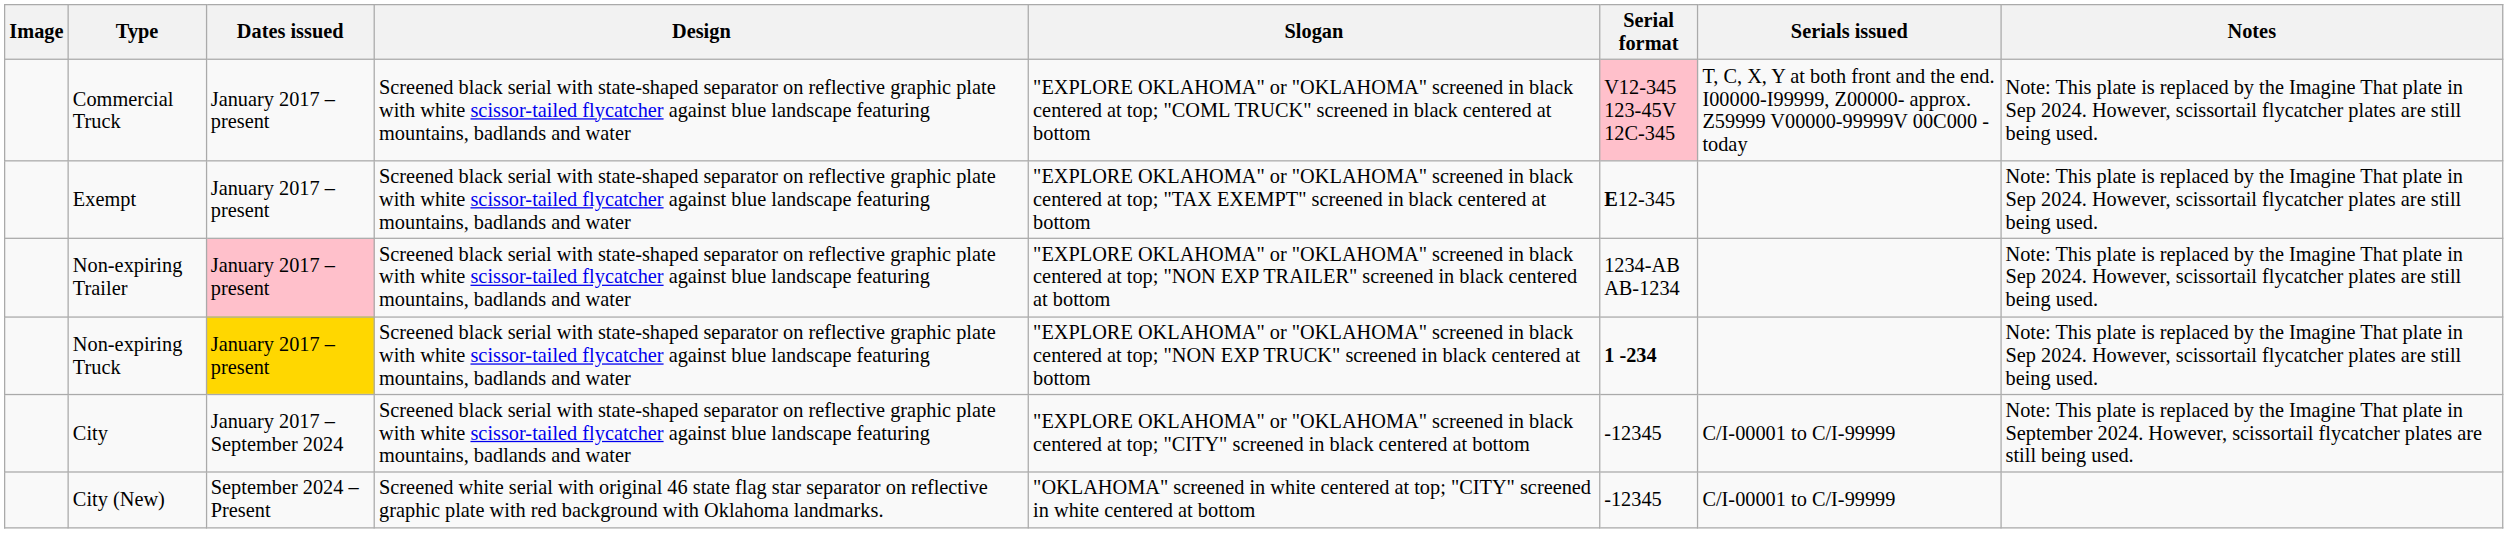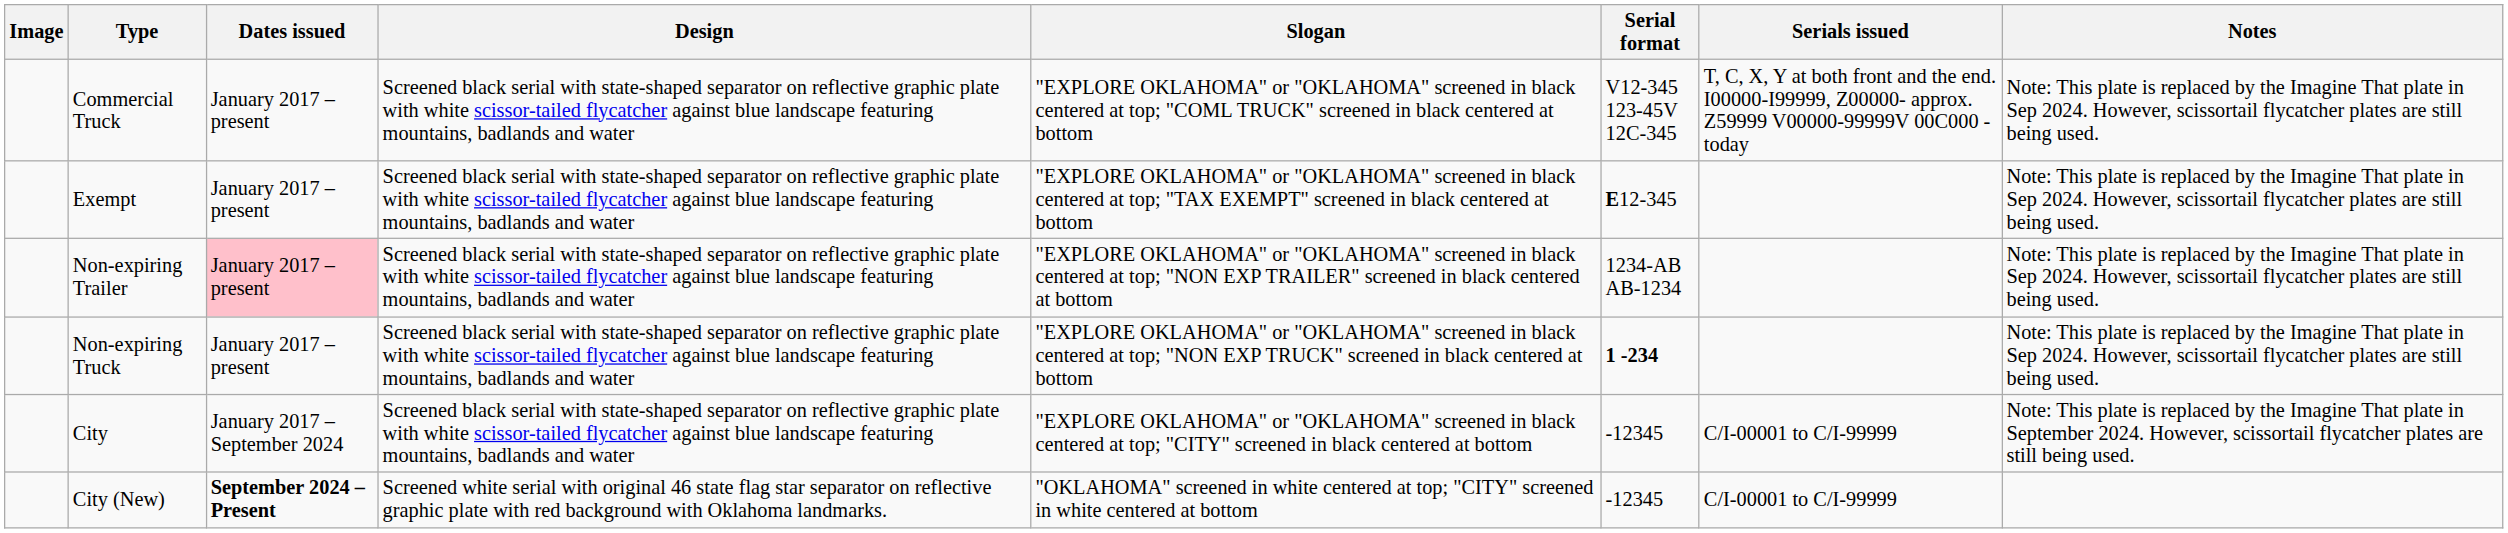 <table class="wikitable">
 <tr>
 <th>Image</th>
 <th>Type</th>
 <th>Dates issued</th>
 <th>Design</th>
 <th>Slogan</th>
 <th style="width:70px">Serial format</th>
 <th>Serials issued</th>
 <th>Notes</th>
 </tr>
 <tr>
 <td></td>
 <td>Commercial Truck</td>
 <td>January 2017 – present</td>
 <td>Screened black serial with state-shaped separator on reflective graphic plate with white <a href='#'>scissor-tailed flycatcher</a> against blue landscape featuring mountains, badlands and water</td>
 <td>"EXPLORE OKLAHOMA" or "OKLAHOMA" screened in black centered at top; "COML TRUCK" screened in black centered at bottom</td>
-<td style="background: pink;">V12-345<br>123-45V<br>12C-345</td>
+<td>V12-345<br>123-45V<br>12C-345</td>
 <td>T, C, X, Y at both front and the end.<br>I00000-I99999, Z00000- approx. Z59999 V00000-99999V 00C000 - today</td>
 <td>Note: This plate is replaced by the Imagine That plate in Sep 2024. However, scissortail flycatcher plates are still being used.</td>
 </tr>
 <tr>
 <td></td>
 <td>Exempt</td>
 <td>January 2017 – present</td>
 <td>Screened black serial with state-shaped separator on reflective graphic plate with white <a href='#'>scissor-tailed flycatcher</a> against blue landscape featuring mountains, badlands and water</td>
 <td>"EXPLORE OKLAHOMA" or "OKLAHOMA" screened in black centered at top; "TAX EXEMPT" screened in black centered at bottom</td>
 <td><strong>E</strong>12-345</td>
 <td></td>
 <td>Note: This plate is replaced by the Imagine That plate in Sep 2024. However, scissortail flycatcher plates are still being used.</td>
 </tr>
 <tr>
 <td></td>
 <td>Non-expiring Trailer</td>
 <td style="background: pink;">January 2017 – present</td>
 <td>Screened black serial with state-shaped separator on reflective graphic plate with white <a href='#'>scissor-tailed flycatcher</a> against blue landscape featuring mountains, badlands and water</td>
 <td>"EXPLORE OKLAHOMA" or "OKLAHOMA" screened in black centered at top; "NON EXP TRAILER" screened in black centered at bottom</td>
 <td>1234-AB<br>AB-1234</td>
 <td></td>
 <td>Note: This plate is replaced by the Imagine That plate in Sep 2024. However, scissortail flycatcher plates are still being used.</td>
 </tr>
 <tr>
 <td></td>
 <td>Non-expiring Truck</td>
-<td style="background: gold;">January 2017 – present</td>
+<td>January 2017 – present</td>
 <td>Screened black serial with state-shaped separator on reflective graphic plate with white <a href='#'>scissor-tailed flycatcher</a> against blue landscape featuring mountains, badlands and water</td>
 <td>"EXPLORE OKLAHOMA" or "OKLAHOMA" screened in black centered at top; "NON EXP TRUCK" screened in black centered at bottom</td>
 <td><strong>1 -234</strong></td>
 <td></td>
 <td>Note: This plate is replaced by the Imagine That plate in Sep 2024. However, scissortail flycatcher plates are still being used.</td>
 </tr>
 <tr>
 <td></td>
 <td>City</td>
 <td>January 2017 – September 2024</td>
 <td>Screened black serial with state-shaped separator on reflective graphic plate with white <a href='#'>scissor-tailed flycatcher</a> against blue landscape featuring mountains, badlands and water</td>
 <td>"EXPLORE OKLAHOMA" or "OKLAHOMA" screened in black centered at top; "CITY" screened in black centered at bottom</td>
 <td>-12345</td>
 <td>C/I-00001 to C/I-99999</td>
 <td>Note: This plate is replaced by the Imagine That plate in September 2024. However, scissortail flycatcher plates are still being used.</td>
 </tr>
 <tr>
 <td></td>
 <td>City (New)</td>
-<td>September 2024 – Present</td>
+<td><strong>September 2024 – Present</strong></td>
 <td>Screened white serial with original 46 state flag star separator on reflective graphic plate with red background with Oklahoma landmarks.</td>
 <td>"OKLAHOMA" screened in white centered at top; "CITY" screened in white centered at bottom</td>
 <td>-12345</td>
 <td>C/I-00001 to C/I-99999</td>
 </tr>
 </table>
